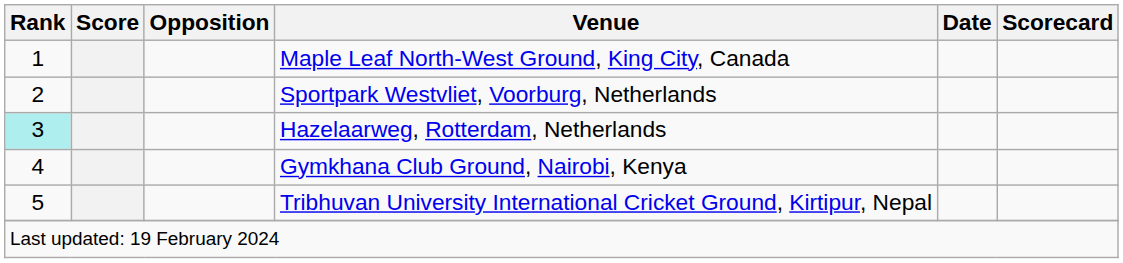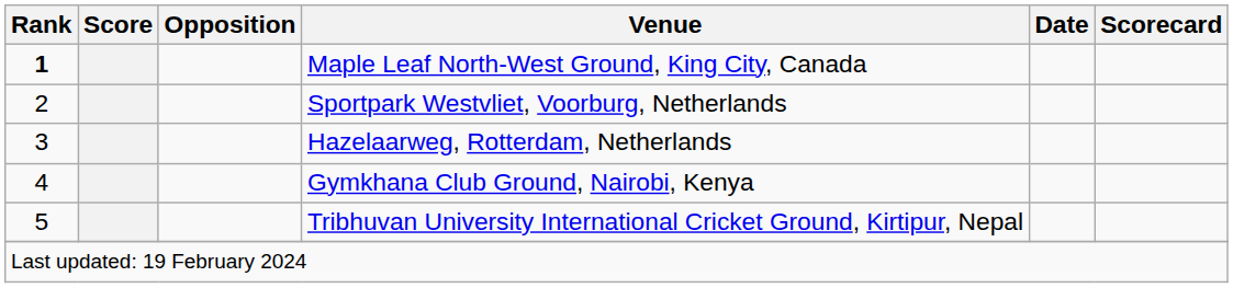 <table class="wikitable plainrowheaders sortable">
 <tr>
 <th scope=col>Rank</th>
 <th scope=col>Score</th>
 <th scope=col>Opposition</th>
 <th scope=col>Venue</th>
 <th scope=col>Date</th>
 <th scope=col>Scorecard</th>
 </tr>
 <tr>
-<td align=center>1</td>
+<td align=center><strong>1</strong></td>
 <th scope=row style=text-align:center;></th>
 <td></td>
 <td><a href='#'>Maple Leaf North-West Ground</a>, <a href='#'>King City</a>, Canada</td>
 <td></td>
 <td></td>
 </tr>
 <tr>
 <td align=center>2</td>
 <th scope=row style=text-align:center;></th>
 <td></td>
 <td><a href='#'>Sportpark Westvliet</a>, <a href='#'>Voorburg</a>, Netherlands</td>
 <td></td>
 <td></td>
 </tr>
 <tr>
-<td align=center style="background: paleturquoise;">3</td>
+<td align=center>3</td>
 <th scope=row style=text-align:center;></th>
 <td></td>
 <td><a href='#'>Hazelaarweg</a>, <a href='#'>Rotterdam</a>, Netherlands</td>
 <td></td>
 <td></td>
 </tr>
 <tr>
 <td align=center>4</td>
 <th scope=row style=text-align:center;></th>
 <td></td>
 <td><a href='#'>Gymkhana Club Ground</a>, <a href='#'>Nairobi</a>, Kenya</td>
 <td></td>
 <td></td>
 </tr>
 <tr>
 <td align=center>5</td>
 <th scope=row style=text-align:center;></th>
 <td></td>
 <td><a href='#'>Tribhuvan University International Cricket Ground</a>, <a href='#'>Kirtipur</a>, Nepal</td>
 <td></td>
 <td></td>
 </tr>
 <tr>
 </tr>
 <tr class=sortbottom>
 <td colspan=6><small>Last updated: 19 February 2024</small></td>
 </tr>
 </table>
